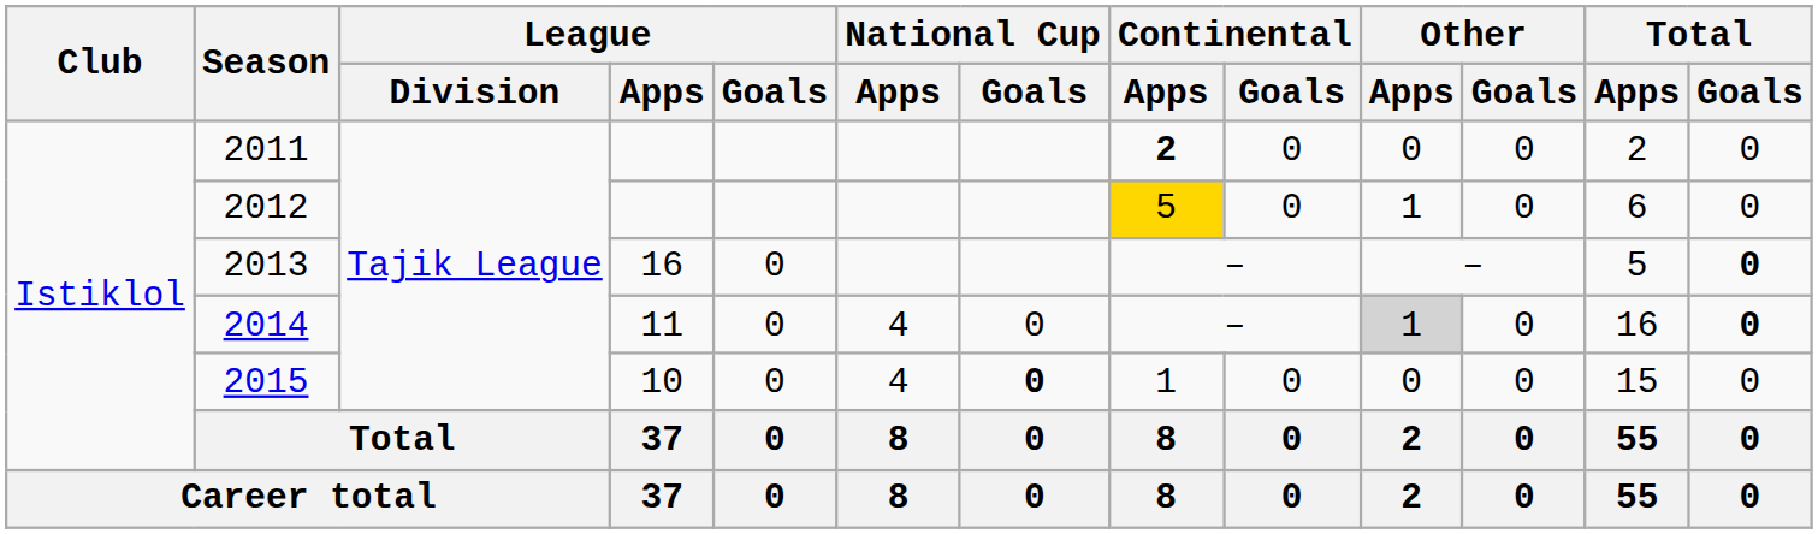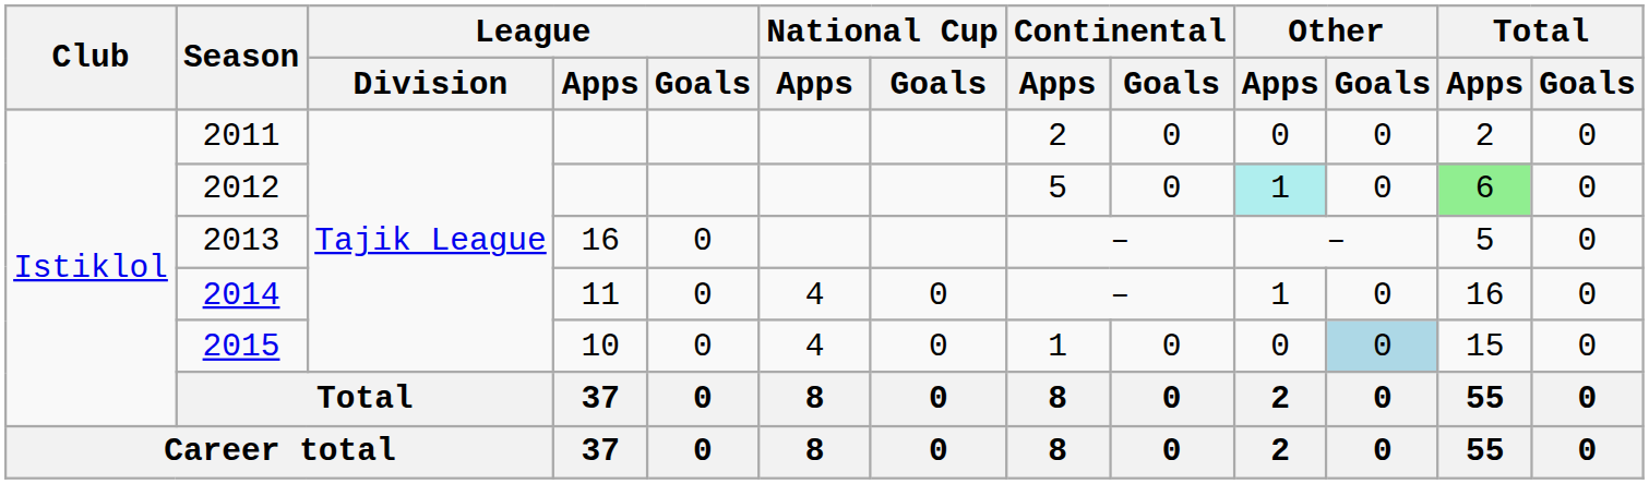 <table class="wikitable" style="text-align: center;">
 <tr>
 <th rowspan="2">Club</th>
 <th rowspan="2">Season</th>
 <th colspan="3">League</th>
 <th colspan="2">National Cup</th>
 <th colspan="2">Continental</th>
 <th colspan="2">Other</th>
 <th colspan="2">Total</th>
 </tr>
 <tr>
 <th>Division</th>
 <th>Apps</th>
 <th>Goals</th>
 <th>Apps</th>
 <th>Goals</th>
 <th>Apps</th>
 <th>Goals</th>
 <th>Apps</th>
 <th>Goals</th>
 <th>Apps</th>
 <th>Goals</th>
 </tr>
 <tr>
 <td rowspan="6" valign="center"><a href='#'>Istiklol</a></td>
 <td>2011</td>
 <td rowspan="5" valign="center"><a href='#'>Tajik League</a></td>
 <td></td>
 <td></td>
 <td></td>
 <td></td>
-<td><strong>2</strong></td>
+<td>2</td>
 <td>0</td>
 <td>0</td>
 <td>0</td>
 <td>2</td>
 <td>0</td>
 </tr>
 <tr>
 <td>2012</td>
 <td></td>
 <td></td>
 <td></td>
 <td></td>
-<td style="background: gold;">5</td>
+<td>5</td>
 <td>0</td>
-<td>1</td>
+<td style="background: paleturquoise;">1</td>
 <td>0</td>
-<td>6</td>
+<td style="background: lightgreen;">6</td>
 <td>0</td>
 </tr>
 <tr>
 <td>2013</td>
 <td>16</td>
 <td>0</td>
 <td></td>
 <td></td>
 <td colspan="2">–</td>
 <td colspan="2">–</td>
 <td>5</td>
-<td><strong>0</strong></td>
+<td>0</td>
 </tr>
 <tr>
 <td><a href='#'>2014</a></td>
 <td>11</td>
 <td>0</td>
 <td>4</td>
 <td>0</td>
 <td colspan="2">–</td>
-<td style="background: lightgrey;">1</td>
+<td>1</td>
 <td>0</td>
 <td>16</td>
-<td><strong>0</strong></td>
+<td>0</td>
 </tr>
 <tr>
 <td><a href='#'>2015</a></td>
 <td>10</td>
 <td>0</td>
 <td>4</td>
-<td><strong>0</strong></td>
+<td>0</td>
 <td>1</td>
 <td>0</td>
 <td>0</td>
-<td>0</td>
+<td style="background: lightblue;">0</td>
 <td>15</td>
 <td>0</td>
 </tr>
 <tr>
 <th colspan="2">Total</th>
 <th>37</th>
 <th>0</th>
 <th>8</th>
 <th>0</th>
 <th>8</th>
 <th>0</th>
 <th>2</th>
 <th>0</th>
 <th>55</th>
 <th>0</th>
 </tr>
 <tr>
 <th colspan="3">Career total</th>
 <th>37</th>
 <th>0</th>
 <th>8</th>
 <th>0</th>
 <th>8</th>
 <th>0</th>
 <th>2</th>
 <th>0</th>
 <th>55</th>
 <th>0</th>
 </tr>
 </table>
